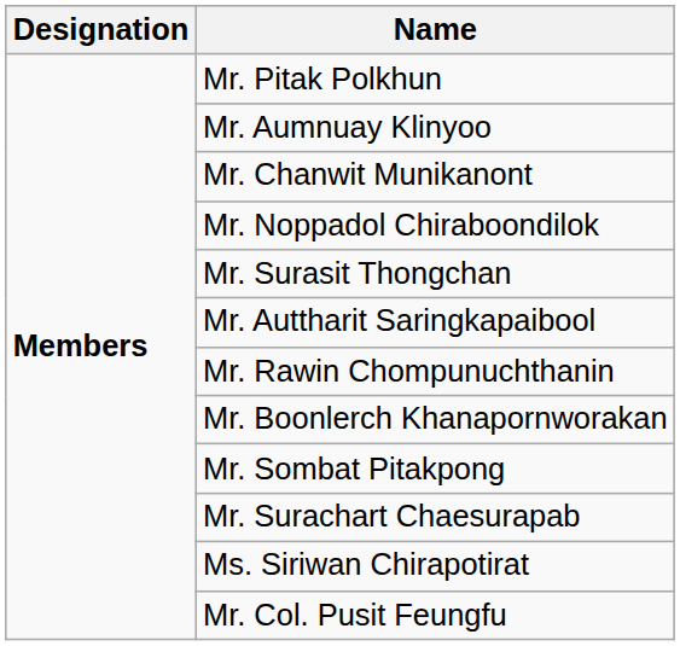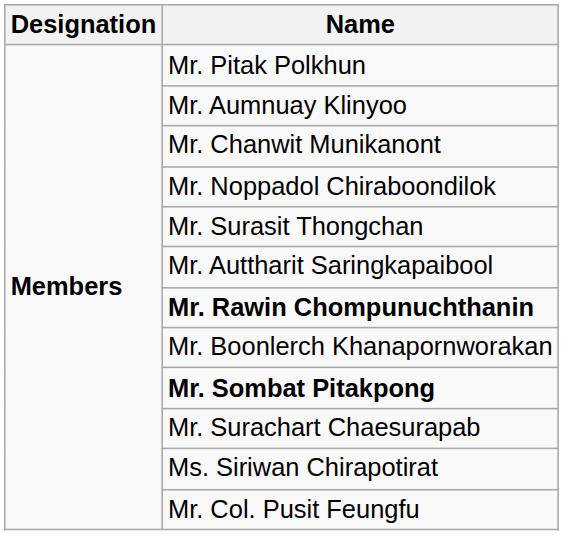 <table class="wikitable">
 <tr>
 <th>Designation</th>
 <th>Name</th>
 </tr>
 <tr>
 <td rowspan=12><strong>Members</strong></td>
 <td>Mr. Pitak Polkhun</td>
 </tr>
 <tr>
 <td>Mr. Aumnuay Klinyoo</td>
 </tr>
 <tr>
 <td>Mr. Chanwit Munikanont</td>
 </tr>
 <tr>
 <td>Mr. Noppadol Chiraboondilok</td>
 </tr>
 <tr>
 <td>Mr. Surasit Thongchan</td>
 </tr>
 <tr>
 <td>Mr. Auttharit Saringkapaibool</td>
 </tr>
 <tr>
-<td>Mr. Rawin Chompunuchthanin</td>
+<td><strong>Mr. Rawin Chompunuchthanin</strong></td>
 </tr>
 <tr>
 <td>Mr. Boonlerch Khanapornworakan</td>
 </tr>
 <tr>
-<td>Mr. Sombat Pitakpong</td>
+<td><strong>Mr. Sombat Pitakpong</strong></td>
 </tr>
 <tr>
 <td>Mr. Surachart Chaesurapab</td>
 </tr>
 <tr>
 <td>Ms. Siriwan Chirapotirat</td>
 </tr>
 <tr>
 <td>Mr. Col. Pusit Feungfu</td>
 </tr>
 </table>
